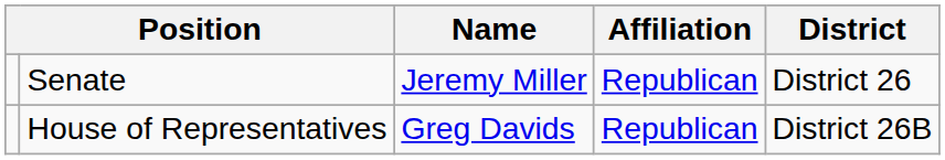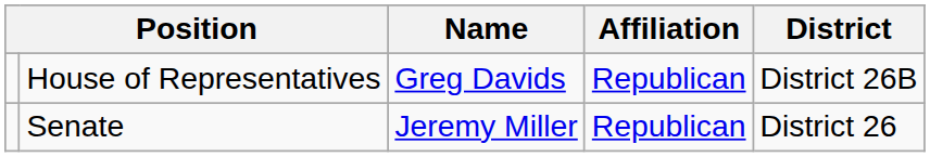 <table class="wikitable">
 <tr>
 <th colspan="2">Position</th>
 <th>Name</th>
 <th>Affiliation</th>
 <th>District</th>
 </tr>
 <tr>
 <td style="background-color:"></td>
+<td>House of Representatives</td>
+<td><a href='#'>Greg Davids</a></td>
+<td><a href='#'>Republican</a></td>
+<td>District 26B</td>
+</tr>
+<tr>
+<td style="background-color:"></td>
 <td>Senate</td>
 <td><a href='#'>Jeremy Miller</a></td>
 <td><a href='#'>Republican</a></td>
 <td>District 26</td>
 </tr>
-<tr>
-<td style="background-color:"></td>
-<td>House of Representatives</td>
-<td><a href='#'>Greg Davids</a></td>
-<td><a href='#'>Republican</a></td>
-<td>District 26B</td>
-</tr>
 </table>
